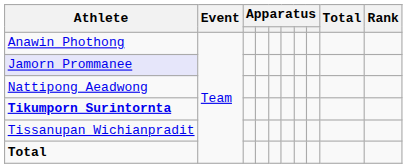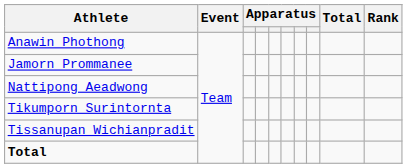 <table class="wikitable" style="font-size:90%">
 <tr>
 <th rowspan=2>Athlete</th>
 <th rowspan=2>Event</th>
 <th colspan=6>Apparatus</th>
 <th rowspan=2>Total</th>
 <th rowspan=2>Rank</th>
 </tr>
 <tr style="font-size:95%">
 <th></th>
 <th></th>
 <th></th>
 <th></th>
 <th></th>
 <th></th>
 </tr>
 <tr align=center>
 <td align=left><a href='#'>Anawin Phothong</a></td>
 <td align=left rowspan=6><a href='#'>Team</a></td>
 <td></td>
 <td></td>
 <td></td>
 <td></td>
 <td></td>
 <td></td>
 <td></td>
 <td></td>
 </tr>
 <tr align=center>
-<td align=left style="background: lavender;"><a href='#'>Jamorn Prommanee</a></td>
+<td align=left><a href='#'>Jamorn Prommanee</a></td>
 <td></td>
 <td></td>
 <td></td>
 <td></td>
 <td></td>
 <td></td>
 <td></td>
 <td></td>
 </tr>
 <tr align=center>
 <td align=left><a href='#'>Nattipong Aeadwong</a></td>
 <td></td>
 <td></td>
 <td></td>
 <td></td>
 <td></td>
 <td></td>
 <td></td>
 <td></td>
 </tr>
 <tr align=center>
-<td align=left><strong><a href='#'>Tikumporn Surintornta</a></strong></td>
+<td align=left><a href='#'>Tikumporn Surintornta</a></td>
 <td></td>
 <td></td>
 <td></td>
 <td></td>
 <td></td>
 <td></td>
 <td></td>
 <td></td>
 </tr>
 <tr align=center>
 <td align=left><a href='#'>Tissanupan Wichianpradit</a></td>
 <td></td>
 <td></td>
 <td></td>
 <td></td>
 <td></td>
 <td></td>
 <td></td>
 <td></td>
 </tr>
 <tr align=center>
 <td align=left><strong>Total</strong></td>
 <td></td>
 <td></td>
 <td></td>
 <td></td>
 <td></td>
 <td></td>
 <td></td>
 <td></td>
 </tr>
 </table>
